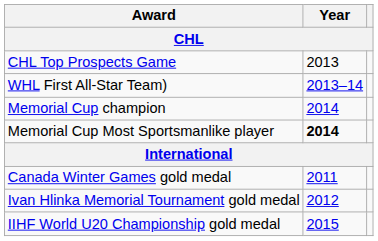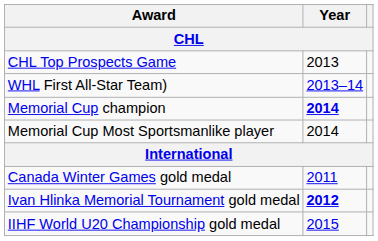 <table class="wikitable">
 <tr>
 <th>Award</th>
 <th>Year</th>
 <th></th>
 </tr>
 <tr>
 <th colspan="3"><a href='#'>CHL</a></th>
 </tr>
 <tr>
 <td><a href='#'>CHL Top Prospects Game</a></td>
 <td>2013</td>
 <td></td>
 </tr>
 <tr>
 <td><a href='#'>WHL</a> First All-Star Team)</td>
 <td><a href='#'>2013–14</a></td>
 <td></td>
 </tr>
 <tr>
 <td><a href='#'>Memorial Cup</a> champion</td>
-<td><a href='#'>2014</a></td>
+<td><strong><a href='#'>2014</a></strong></td>
 <td></td>
 </tr>
 <tr>
 <td>Memorial Cup Most Sportsmanlike player</td>
-<td><strong>2014</strong></td>
+<td>2014</td>
 <td></td>
 </tr>
 <tr>
 <th colspan="3"><a href='#'>International</a></th>
 </tr>
 <tr>
 <td><a href='#'>Canada Winter Games</a> gold medal</td>
 <td><a href='#'>2011</a></td>
 <td></td>
 </tr>
 <tr>
 <td><a href='#'>Ivan Hlinka Memorial Tournament</a> gold medal</td>
-<td><a href='#'>2012</a></td>
+<td><strong><a href='#'>2012</a></strong></td>
 <td></td>
 </tr>
 <tr>
 <td><a href='#'>IIHF World U20 Championship</a> gold medal</td>
 <td><a href='#'>2015</a></td>
 <td></td>
 </tr>
 </table>
